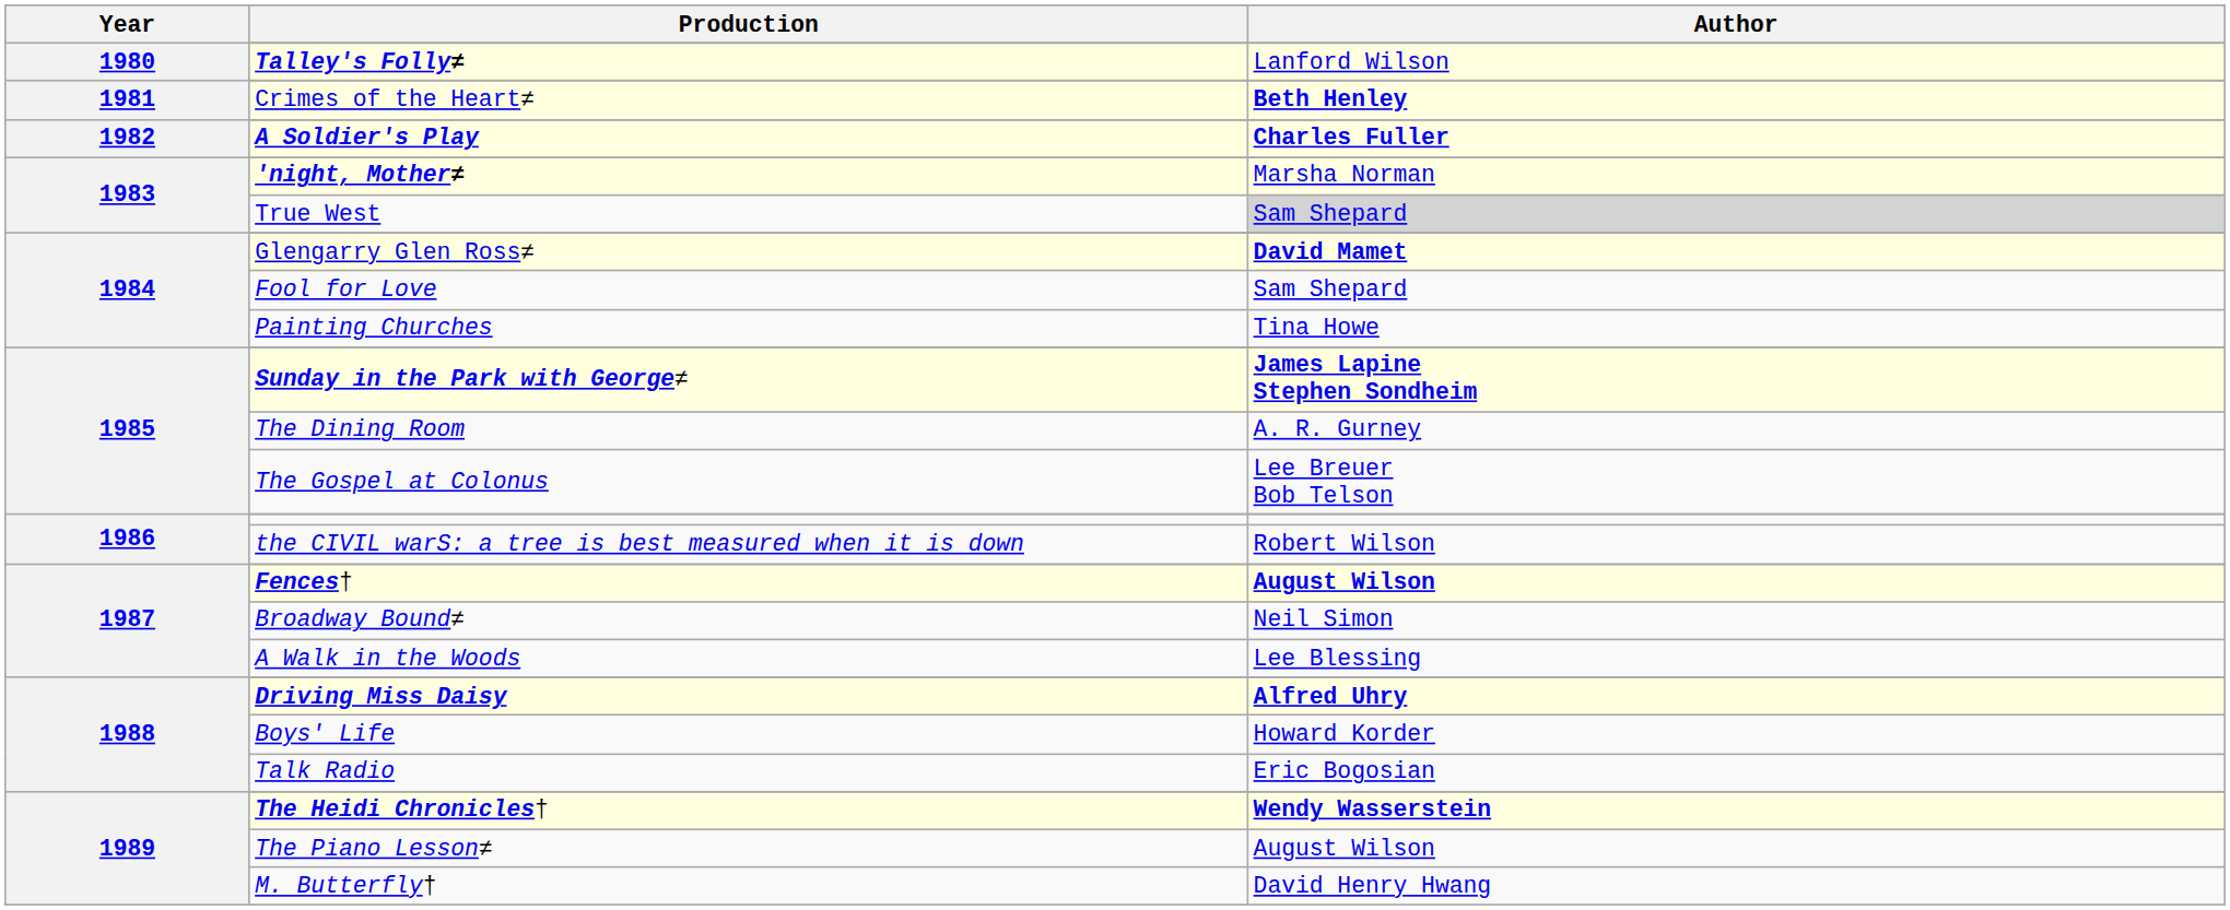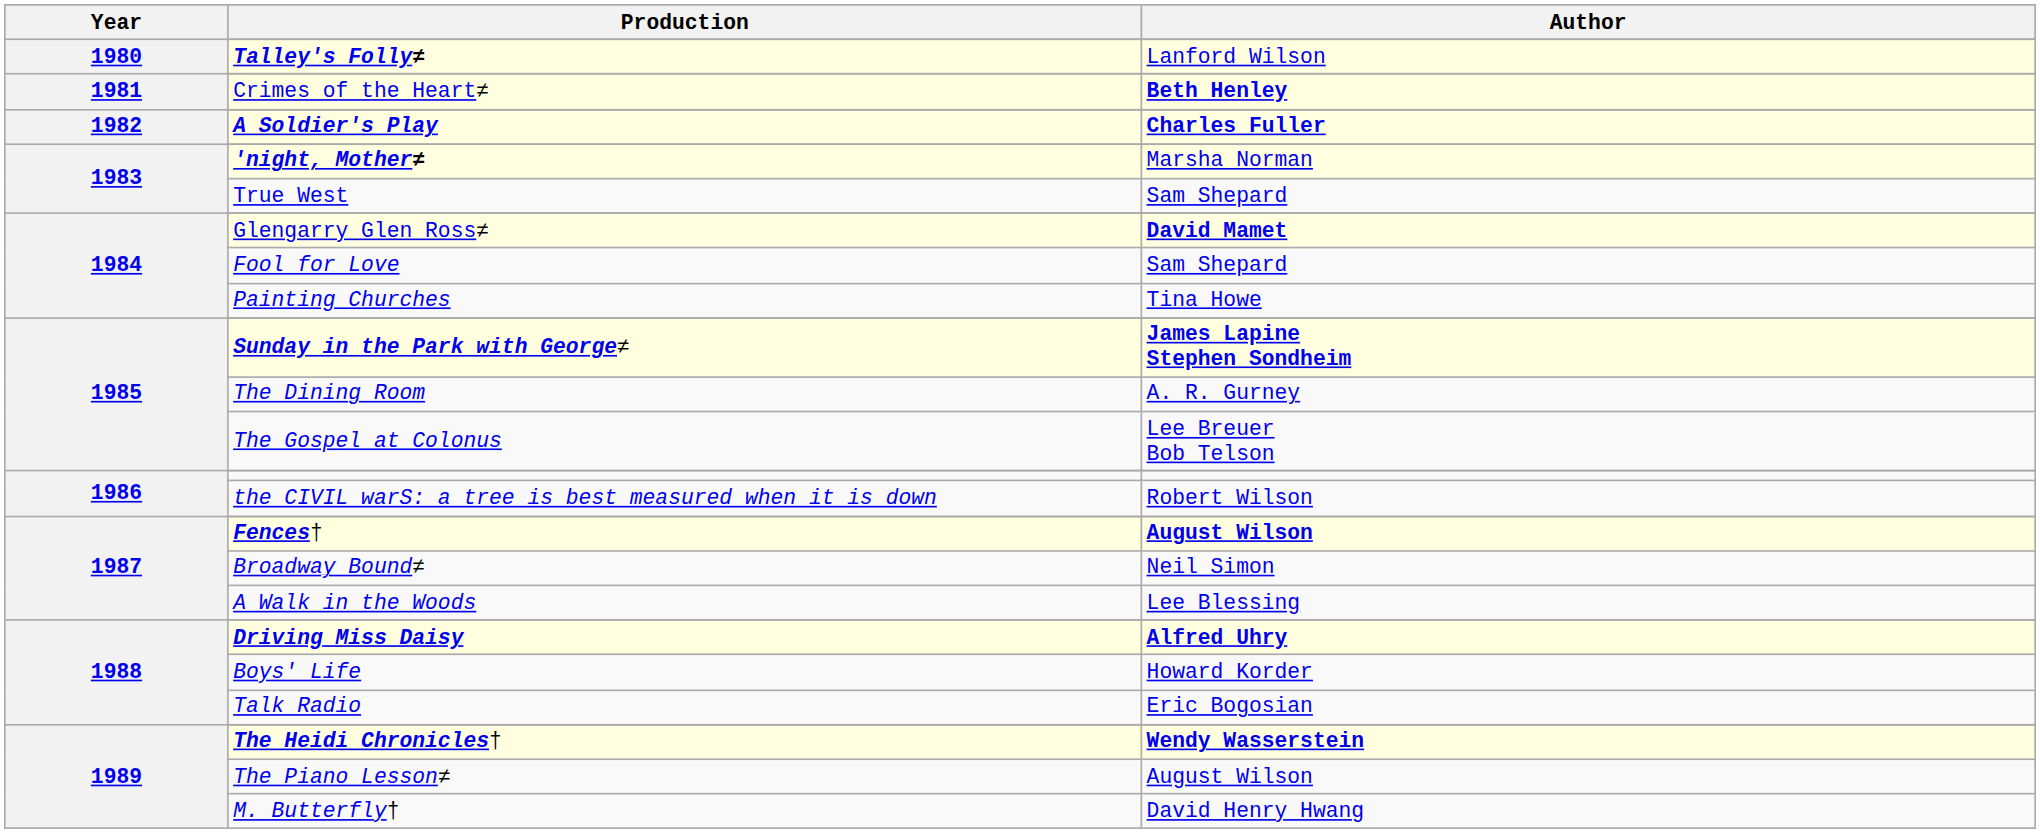 <table class="wikitable" style="width:98%">
 <tr style="background:#bebebe;">
 <th style="width:11%;">Year</th>
 <th style="width:45%;">Production</th>
 <th style="width:44%;">Author</th>
 </tr>
 <tr>
 <th rowspan="2" style="text-align:center"><strong><a href='#'>1980</a></strong></th>
 </tr>
 <tr style="background-color:lightyellow;">
 <td><strong><em><a href='#'>Talley's Folly</a><strong>≠<em></td>
 <td></strong><a href='#'>Lanford Wilson</a><strong></td>
 </tr>
 <tr>
 <th rowspan="2" style="text-align:center"></strong><a href='#'>1981</a><strong></th>
 </tr>
 <tr style="background-color:lightyellow;">
 <td></em></strong><a href='#'>Crimes of the Heart</a></strong>≠</em></td>
 <td><strong><a href='#'>Beth Henley</a></strong></td>
 </tr>
 <tr>
 <th rowspan="2" style="text-align:center"><strong><a href='#'>1982</a></strong></th>
 </tr>
 <tr style="background-color:lightyellow;">
 <td><strong><em><a href='#'>A Soldier's Play</a></em></strong></td>
 <td><strong><a href='#'>Charles Fuller</a></strong></td>
 </tr>
 <tr>
 <th rowspan="3" style="text-align:center"><strong><a href='#'>1983</a></strong></th>
 </tr>
 <tr style="background-color:lightyellow;">
 <td><strong><em><a href='#'>'night, Mother</a><strong>≠<em></td>
 <td></strong><a href='#'>Marsha Norman</a><strong></td>
 </tr>
 <tr>
 <td></em><a href='#'>True West</a><em></td>
-<td style="background: lightgrey;"><a href='#'>Sam Shepard</a></td>
+<td><a href='#'>Sam Shepard</a></td>
 </tr>
 <tr>
 <th rowspan="4" style="text-align:center"></strong><a href='#'>1984</a><strong></th>
 </tr>
 <tr style="background-color:lightyellow;">
 <td></em></strong><a href='#'>Glengarry Glen Ross</a></strong>≠</em></td>
 <td><strong><a href='#'>David Mamet</a></strong></td>
 </tr>
 <tr>
 <td><em><a href='#'>Fool for Love</a></em></td>
 <td><a href='#'>Sam Shepard</a></td>
 </tr>
 <tr>
 <td><em><a href='#'>Painting Churches</a></em></td>
 <td><a href='#'>Tina Howe</a></td>
 </tr>
 <tr>
 <th rowspan="4" style="text-align:center"><strong><a href='#'>1985</a></strong></th>
 </tr>
 <tr style="background-color:lightyellow;">
 <td><strong><em><a href='#'>Sunday in the Park with George</a></em></strong>≠</td>
 <td><strong><a href='#'>James Lapine</a> <br> <a href='#'>Stephen Sondheim</a></strong></td>
 </tr>
 <tr>
 <td><em><a href='#'>The Dining Room</a></em></td>
 <td><a href='#'>A. R. Gurney</a></td>
 </tr>
 <tr>
 <td><em><a href='#'>The Gospel at Colonus</a></em></td>
 <td><a href='#'>Lee Breuer</a> <br> <a href='#'>Bob Telson</a></td>
 </tr>
 <tr>
 <th rowspan="3" style="text-align:center"><strong><a href='#'>1986</a></strong></th>
 </tr>
 <tr style="background:">
 <td></td>
 <td></td>
 </tr>
 <tr>
 <td><em><a href='#'>the CIVIL warS: a tree is best measured when it is down</a></em></td>
 <td><a href='#'>Robert Wilson</a></td>
 </tr>
 <tr>
 <th rowspan="4" style="text-align:center"><strong><a href='#'>1987</a></strong></th>
 </tr>
 <tr style="background-color:lightyellow;">
 <td><strong><em><a href='#'>Fences</a></em></strong>†</td>
 <td><strong><a href='#'>August Wilson</a></strong></td>
 </tr>
 <tr>
 <td><em><a href='#'>Broadway Bound</a>≠</em></td>
 <td><a href='#'>Neil Simon</a></td>
 </tr>
 <tr>
 <td><em><a href='#'>A Walk in the Woods</a></em></td>
 <td><a href='#'>Lee Blessing</a></td>
 </tr>
 <tr>
 <th rowspan="4" style="text-align:center"><strong><a href='#'>1988</a></strong></th>
 </tr>
 <tr style="background-color:lightyellow;">
 <td><strong><em><a href='#'>Driving Miss Daisy</a></em></strong></td>
 <td><strong><a href='#'>Alfred Uhry</a></strong></td>
 </tr>
 <tr>
 <td><em><a href='#'>Boys' Life</a></em></td>
 <td><a href='#'>Howard Korder</a></td>
 </tr>
 <tr>
 <td><em><a href='#'>Talk Radio</a></em></td>
 <td><a href='#'>Eric Bogosian</a></td>
 </tr>
 <tr>
 <th rowspan="4" style="text-align:center"><strong><a href='#'>1989</a></strong></th>
 </tr>
 <tr style="background-color:lightyellow;">
 <td><strong><em><a href='#'>The Heidi Chronicles</a></em></strong>†</td>
 <td><strong><a href='#'>Wendy Wasserstein</a></strong></td>
 </tr>
 <tr>
 <td><em><a href='#'>The Piano Lesson</a>≠</em></td>
 <td><a href='#'>August Wilson</a></td>
 </tr>
 <tr>
 <td><em><a href='#'>M. Butterfly</a></em>†</td>
 <td><a href='#'>David Henry Hwang</a></td>
 </tr>
 </table>
